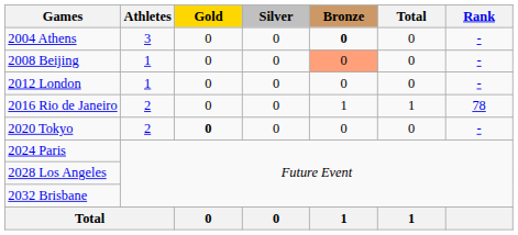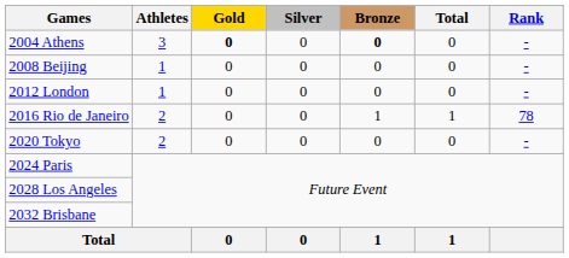 <table class="wikitable" style="text-align:center; font-size:90%;">
 <tr>
 <th>Games</th>
 <th>Athletes</th>
 <td style="background:gold; width:4.5em; font-weight:bold;">Gold</td>
 <td style="background:silver; width:4.5em; font-weight:bold;">Silver</td>
 <td style="background:#cc9966; width:4.5em; font-weight:bold;">Bronze</td>
 <th style="width:4.5em; font-weight:bold;">Total</th>
 <th style="width:4.5em; font-weight:bold;"><a href='#'>Rank</a></th>
 </tr>
 <tr>
 <td align=left><a href='#'>2004 Athens</a></td>
 <td><a href='#'>3</a></td>
-<td>0</td>
+<td><strong>0</strong></td>
 <td>0</td>
 <td><strong>0</strong></td>
 <td>0</td>
 <td><a href='#'>-</a></td>
 </tr>
 <tr>
 <td align=left><a href='#'>2008 Beijing</a></td>
 <td><a href='#'>1</a></td>
 <td>0</td>
 <td>0</td>
-<td style="background: lightsalmon;">0</td>
+<td>0</td>
 <td>0</td>
 <td><a href='#'>-</a></td>
 </tr>
 <tr>
 <td align=left><a href='#'>2012 London</a></td>
 <td><a href='#'>1</a></td>
 <td>0</td>
 <td>0</td>
 <td>0</td>
 <td>0</td>
 <td><a href='#'>-</a></td>
 </tr>
 <tr>
 <td align=left><a href='#'>2016 Rio de Janeiro</a></td>
 <td><a href='#'>2</a></td>
 <td>0</td>
 <td>0</td>
 <td>1</td>
 <td>1</td>
 <td><a href='#'>78</a></td>
 </tr>
 <tr>
 <td align=left><a href='#'>2020 Tokyo</a></td>
 <td><a href='#'>2</a></td>
-<td><strong>0</strong></td>
+<td>0</td>
 <td>0</td>
 <td>0</td>
 <td>0</td>
 <td><a href='#'>-</a></td>
 </tr>
 <tr>
 <td align=left><a href='#'>2024 Paris</a></td>
 <td colspan=6 rowspan=3><em>Future Event</em></td>
 </tr>
 <tr>
 <td align=left><a href='#'>2028 Los Angeles</a></td>
 </tr>
 <tr>
 <td align=left><a href='#'>2032 Brisbane</a></td>
 </tr>
 <tr>
 <th colspan=2>Total</th>
 <th>0</th>
 <th>0</th>
 <th>1</th>
 <th>1</th>
 <th><a href='#'></a></th>
 </tr>
 </table>
